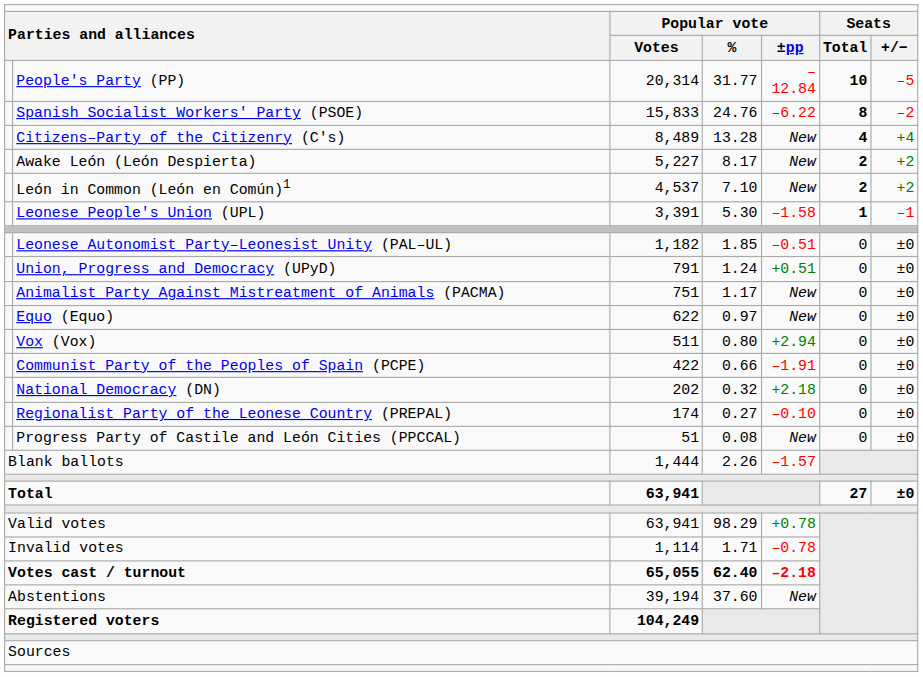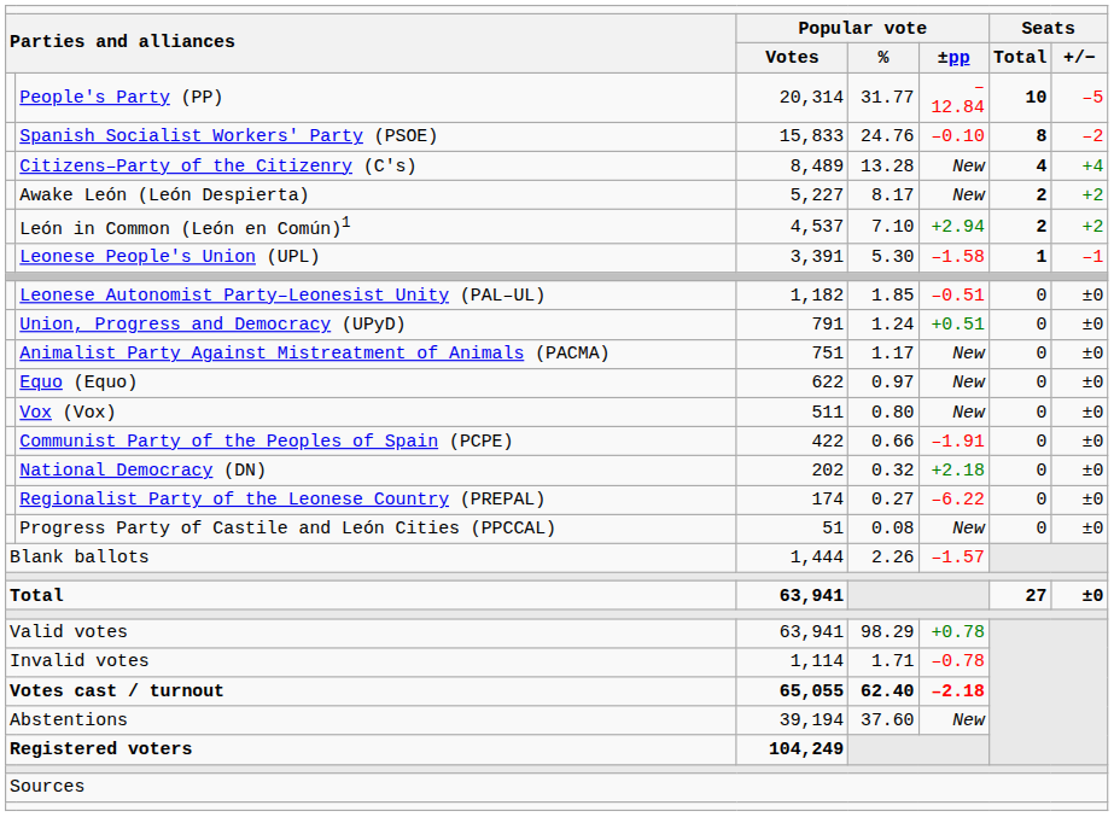 <table class="wikitable" style="text-align:right;">
 <tr>
 <td colspan="7"></td>
 </tr>
 <tr>
 <th style="text-align:left;" rowspan="2" colspan="2" width="525">Parties and alliances</th>
 <th colspan="3">Popular vote</th>
 <th colspan="2">Seats</th>
 </tr>
 <tr>
 <th width="75">Votes</th>
 <th width="45">%</th>
 <th width="45">±<a href='#'>pp</a></th>
 <th width="35">Total</th>
 <th width="35">+/−</th>
 </tr>
 <tr>
 <td width="1" style="color:inherit;background:"></td>
 <td align="left"><a href='#'>People's Party</a> (PP)</td>
 <td>20,314</td>
 <td>31.77</td>
 <td style="color:red;">–12.84</td>
 <td><strong>10</strong></td>
 <td style="color:red;">–5</td>
 </tr>
 <tr>
 <td style="color:inherit;background:"></td>
 <td align="left"><a href='#'>Spanish Socialist Workers' Party</a> (PSOE)</td>
 <td>15,833</td>
 <td>24.76</td>
-<td style="color:red;">–6.22</td>
+<td style="color:red;">–0.10</td>
 <td><strong>8</strong></td>
 <td style="color:red;">–2</td>
 </tr>
 <tr>
 <td style="color:inherit;background:"></td>
 <td align="left"><a href='#'>Citizens–Party of the Citizenry</a> (C's)</td>
 <td>8,489</td>
 <td>13.28</td>
 <td><em>New</em></td>
 <td><strong>4</strong></td>
 <td style="color:green;">+4</td>
 </tr>
 <tr>
 <td style="color:inherit;background:"></td>
 <td align="left">Awake León (León Despierta)</td>
 <td>5,227</td>
 <td>8.17</td>
 <td><em>New</em></td>
 <td><strong>2</strong></td>
 <td style="color:green;">+2</td>
 </tr>
 <tr>
 <td style="color:inherit;background:"></td>
 <td align="left">León in Common (León en Común)<sup>1</sup></td>
 <td>4,537</td>
 <td>7.10</td>
-<td><em>New</em></td>
+<td style="color:green;">+2.94</td>
 <td><strong>2</strong></td>
 <td style="color:green;">+2</td>
 </tr>
 <tr>
 <td style="color:inherit;background:"></td>
 <td align="left"><a href='#'>Leonese People's Union</a> (UPL)</td>
 <td>3,391</td>
 <td>5.30</td>
 <td style="color:red;">–1.58</td>
 <td><strong>1</strong></td>
 <td style="color:red;">–1</td>
 </tr>
 <tr>
 <td colspan="7" bgcolor="#C0C0C0"></td>
 </tr>
 <tr>
 <td style="color:inherit;background:"></td>
 <td align="left"><a href='#'>Leonese Autonomist Party–Leonesist Unity</a> (PAL–UL)</td>
 <td>1,182</td>
 <td>1.85</td>
 <td style="color:red;">–0.51</td>
 <td>0</td>
 <td>±0</td>
 </tr>
 <tr>
 <td style="color:inherit;background:"></td>
 <td align="left"><a href='#'>Union, Progress and Democracy</a> (UPyD)</td>
 <td>791</td>
 <td>1.24</td>
 <td style="color:green;">+0.51</td>
 <td>0</td>
 <td>±0</td>
 </tr>
 <tr>
 <td style="color:inherit;background:"></td>
 <td align="left"><a href='#'>Animalist Party Against Mistreatment of Animals</a> (PACMA)</td>
 <td>751</td>
 <td>1.17</td>
 <td><em>New</em></td>
 <td>0</td>
 <td>±0</td>
 </tr>
 <tr>
 <td style="color:inherit;background:"></td>
 <td align="left"><a href='#'>Equo</a> (Equo)</td>
 <td>622</td>
 <td>0.97</td>
 <td><em>New</em></td>
 <td>0</td>
 <td>±0</td>
 </tr>
 <tr>
 <td style="color:inherit;background:"></td>
 <td align="left"><a href='#'>Vox</a> (Vox)</td>
 <td>511</td>
 <td>0.80</td>
-<td style="color:green;">+2.94</td>
+<td><em>New</em></td>
 <td>0</td>
 <td>±0</td>
 </tr>
 <tr>
 <td style="color:inherit;background:"></td>
 <td align="left"><a href='#'>Communist Party of the Peoples of Spain</a> (PCPE)</td>
 <td>422</td>
 <td>0.66</td>
 <td style="color:red;">–1.91</td>
 <td>0</td>
 <td>±0</td>
 </tr>
 <tr>
 <td style="color:inherit;background:"></td>
 <td align="left"><a href='#'>National Democracy</a> (DN)</td>
 <td>202</td>
 <td>0.32</td>
 <td style="color:green;">+2.18</td>
 <td>0</td>
 <td>±0</td>
 </tr>
 <tr>
 <td style="color:inherit;background:"></td>
 <td align="left"><a href='#'>Regionalist Party of the Leonese Country</a> (PREPAL)</td>
 <td>174</td>
 <td>0.27</td>
-<td style="color:red;">–0.10</td>
+<td style="color:red;">–6.22</td>
 <td>0</td>
 <td>±0</td>
 </tr>
 <tr>
 <td style="color:inherit;background:"></td>
 <td align="left">Progress Party of Castile and León Cities (PPCCAL)</td>
 <td>51</td>
 <td>0.08</td>
 <td><em>New</em></td>
 <td>0</td>
 <td>±0</td>
 </tr>
 <tr>
 <td align="left" colspan="2">Blank ballots</td>
 <td>1,444</td>
 <td>2.26</td>
 <td style="color:red;">–1.57</td>
 <td bgcolor="#E9E9E9" colspan="2"></td>
 </tr>
 <tr>
 <td colspan="7" bgcolor="#E9E9E9"></td>
 </tr>
 <tr style="font-weight:bold;">
 <td align="left" colspan="2">Total</td>
 <td>63,941</td>
 <td bgcolor="#E9E9E9" colspan="2"></td>
 <td>27</td>
 <td>±0</td>
 </tr>
 <tr>
 <td colspan="7" bgcolor="#E9E9E9"></td>
 </tr>
 <tr>
 <td align="left" colspan="2">Valid votes</td>
 <td>63,941</td>
 <td>98.29</td>
 <td style="color:green;">+0.78</td>
 <td bgcolor="#E9E9E9" colspan="2" rowspan="5"></td>
 </tr>
 <tr>
 <td align="left" colspan="2">Invalid votes</td>
 <td>1,114</td>
 <td>1.71</td>
 <td style="color:red;">–0.78</td>
 </tr>
 <tr style="font-weight:bold;">
 <td align="left" colspan="2">Votes cast / turnout</td>
 <td>65,055</td>
 <td>62.40</td>
 <td style="color:red;">–2.18</td>
 </tr>
 <tr>
 <td align="left" colspan="2">Abstentions</td>
 <td>39,194</td>
 <td>37.60</td>
 <td><em>New</em></td>
 </tr>
 <tr style="font-weight:bold;">
 <td align="left" colspan="2">Registered voters</td>
 <td>104,249</td>
 <td bgcolor="#E9E9E9" colspan="2"></td>
 </tr>
 <tr>
 <td colspan="7" bgcolor="#E9E9E9"></td>
 </tr>
 <tr>
 <td align="left" colspan="7">Sources</td>
 </tr>
 <tr>
 <td colspan="7" style="text-align:left; max-width:790px;"></td>
 </tr>
 </table>
